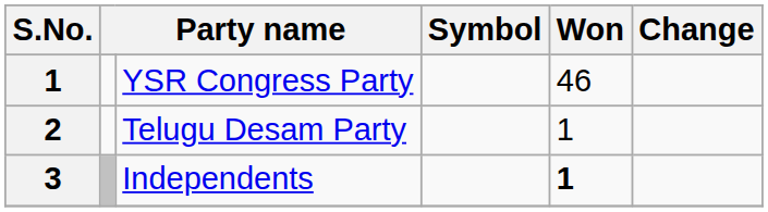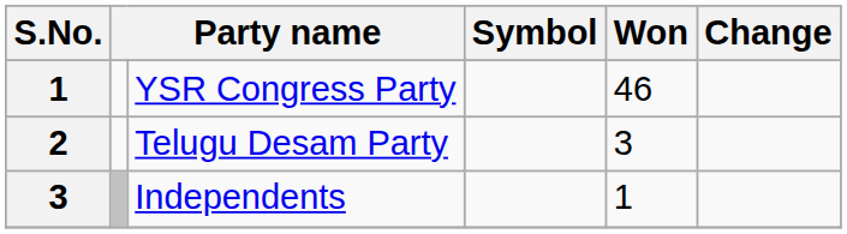 <table CLASS="sortable wikitable">
 <tr>
 <th>S.No.</th>
 <th colspan=2>Party name</th>
 <th>Symbol</th>
 <th>Won</th>
 <th>Change</th>
 </tr>
 <tr>
 <th>1</th>
 <td></td>
 <td><a href='#'>YSR Congress Party</a></td>
 <td></td>
 <td>46</td>
 <td></td>
 </tr>
 <tr>
 <th>2</th>
 <td></td>
 <td><a href='#'>Telugu Desam Party</a></td>
 <td></td>
-<td>1</td>
+<td>3</td>
 <td></td>
 </tr>
 <tr>
 <th>3</th>
 <td bgcolor=#C1C1C1></td>
 <td><a href='#'>Independents</a></td>
 <td></td>
-<td><strong>1</strong></td>
+<td>1</td>
 <td></td>
 </tr>
 <tr>
 </tr>
 </table>
